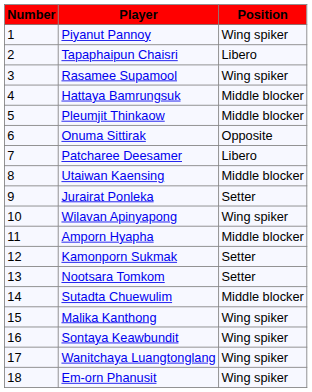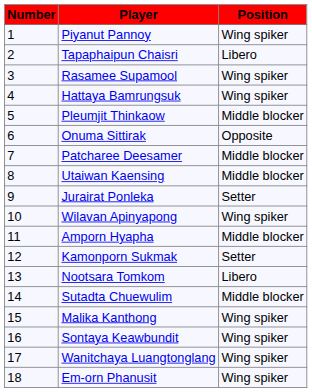 <table bgcolor="#f7f8ff" cellpadding="3" cellspacing="0" border="1" style="font-size: 95%; border: gray solid 1px; border-collapse: collapse;">
 <tr bgcolor="#ff0000">
 <td align=center><strong>Number</strong></td>
 <td align=center><strong>Player</strong></td>
 <td align=center><strong>Position</strong></td>
 </tr>
 <tr align="left">
 <td>1</td>
 <td> <a href='#'>Piyanut Pannoy</a></td>
 <td>Wing spiker</td>
 </tr>
 <tr align=left>
 <td>2</td>
 <td> <a href='#'>Tapaphaipun Chaisri</a></td>
 <td>Libero</td>
 </tr>
 <tr align="left">
 <td>3</td>
 <td> <a href='#'>Rasamee Supamool</a></td>
 <td>Wing spiker</td>
 </tr>
 <tr align="left">
 <td>4</td>
 <td> <a href='#'>Hattaya Bamrungsuk</a></td>
-<td>Middle blocker</td>
+<td>Wing spiker</td>
 </tr>
 <tr align="left">
 <td>5</td>
 <td> <a href='#'>Pleumjit Thinkaow</a></td>
 <td>Middle blocker</td>
 </tr>
 <tr align="left">
 <td>6</td>
 <td> <a href='#'>Onuma Sittirak</a></td>
 <td>Opposite</td>
 </tr>
 <tr align="left">
 <td>7</td>
 <td> <a href='#'>Patcharee Deesamer</a></td>
-<td>Libero</td>
+<td>Middle blocker</td>
 </tr>
 <tr align="left">
 <td>8</td>
 <td> <a href='#'>Utaiwan Kaensing</a></td>
 <td>Middle blocker</td>
 </tr>
 <tr align="left">
 <td>9</td>
 <td> <a href='#'>Jurairat Ponleka</a></td>
 <td>Setter</td>
 </tr>
 <tr align="left">
 <td>10</td>
 <td> <a href='#'>Wilavan Apinyapong</a></td>
 <td>Wing spiker</td>
 </tr>
 <tr align="left">
 <td>11</td>
 <td> <a href='#'>Amporn Hyapha</a></td>
 <td>Middle blocker</td>
 </tr>
 <tr align="left">
 <td>12</td>
 <td> <a href='#'>Kamonporn Sukmak</a></td>
 <td>Setter</td>
 </tr>
 <tr align="left">
 <td>13</td>
 <td> <a href='#'>Nootsara Tomkom</a></td>
-<td>Setter</td>
+<td>Libero</td>
 </tr>
 <tr align="left">
 <td>14</td>
 <td> <a href='#'>Sutadta Chuewulim</a></td>
 <td>Middle blocker</td>
 </tr>
 <tr align="left">
 <td>15</td>
 <td> <a href='#'>Malika Kanthong</a></td>
 <td>Wing spiker</td>
 </tr>
 <tr align="left">
 <td>16</td>
 <td> <a href='#'>Sontaya  Keawbundit</a></td>
 <td>Wing spiker</td>
 </tr>
 <tr align="left">
 <td>17</td>
 <td> <a href='#'>Wanitchaya Luangtonglang</a></td>
 <td>Wing spiker</td>
 </tr>
 <tr align="left">
 <td>18</td>
 <td> <a href='#'>Em-orn Phanusit</a></td>
 <td>Wing spiker</td>
 </tr>
 </table>
